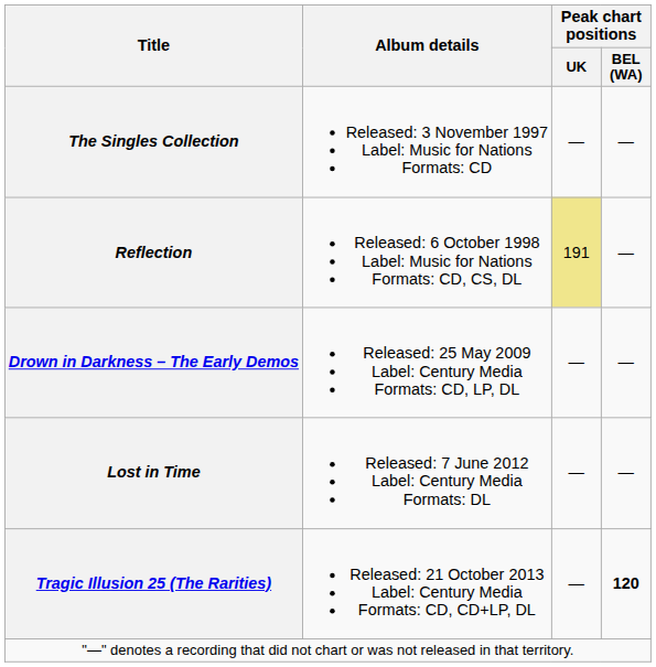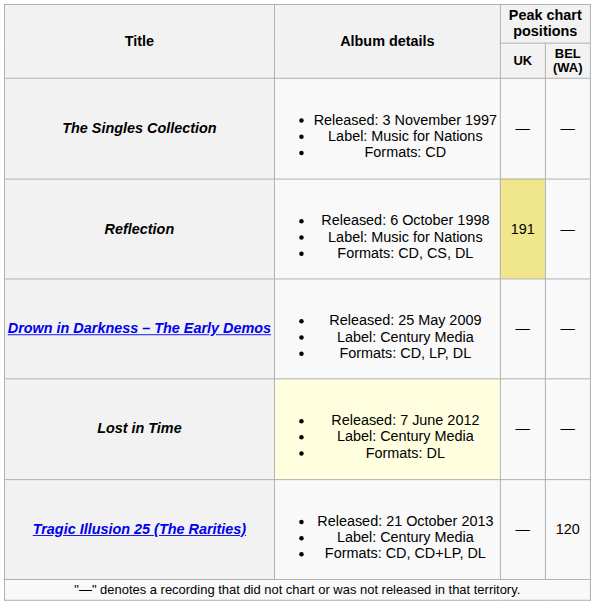 <table class="wikitable plainrowheaders" style="text-align:center;">
 <tr>
 <th scope="col" rowspan="2">Title</th>
 <th scope="col" rowspan="2">Album details</th>
 <th scope="col" colspan="2">Peak chart positions</th>
 </tr>
 <tr>
 <th scope="col" style="width:3em;font-size:90%;">UK<br></th>
 <th scope="col" style="width:3em;font-size:90%;">BEL<br>(WA)<br></th>
 </tr>
 <tr>
 <th scope="row"><em>The Singles Collection</em></th>
 <td><br><ul><li>Released: 3 November 1997</li><li>Label: Music for Nations</li><li>Formats: CD</li></ul></td>
 <td>—</td>
 <td>—</td>
 </tr>
 <tr>
 <th scope="row"><em>Reflection</em></th>
 <td><br><ul><li>Released: 6 October 1998</li><li>Label: Music for Nations</li><li>Formats: CD, CS, DL</li></ul></td>
 <td style="background: khaki;">191</td>
 <td>—</td>
 </tr>
 <tr>
 <th scope="row"><em><a href='#'>Drown in Darkness – The Early Demos</a></em></th>
 <td><br><ul><li>Released: 25 May 2009</li><li>Label: Century Media</li><li>Formats: CD, LP, DL</li></ul></td>
 <td>—</td>
 <td>—</td>
 </tr>
 <tr>
 <th scope="row"><em>Lost in Time</em></th>
-<td><br><ul><li>Released: 7 June 2012</li><li>Label: Century Media</li><li>Formats: DL</li></ul></td>
+<td style="background: lightyellow;"><br><ul><li>Released: 7 June 2012</li><li>Label: Century Media</li><li>Formats: DL</li></ul></td>
 <td>—</td>
 <td>—</td>
 </tr>
 <tr>
 <th scope="row"><em><a href='#'>Tragic Illusion 25 (The Rarities)</a></em></th>
 <td><br><ul><li>Released: 21 October 2013</li><li>Label: Century Media</li><li>Formats: CD, CD+LP, DL</li></ul></td>
 <td>—</td>
-<td><strong>120</strong></td>
+<td>120</td>
 </tr>
 <tr>
 <td colspan="20" style="font-size:90%">"—" denotes a recording that did not chart or was not released in that territory.</td>
 </tr>
 </table>
